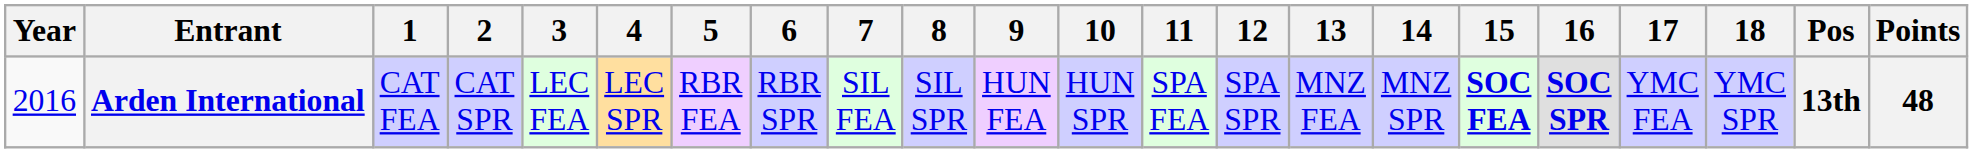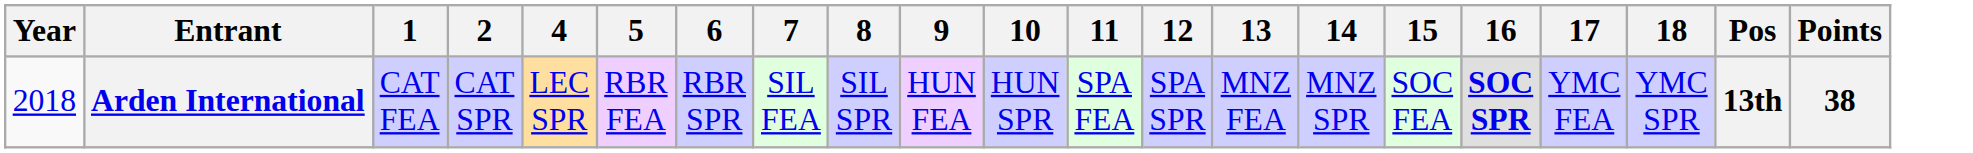 <table class="wikitable" style="text-align:center; font-size:85%">
 <tr>
 <th>Year</th>
 <th>Entrant</th>
 <th>1</th>
 <th>2</th>
-<th>3</th>
 <th>4</th>
 <th>5</th>
 <th>6</th>
 <th>7</th>
 <th>8</th>
 <th>9</th>
 <th>10</th>
 <th>11</th>
 <th>12</th>
 <th>13</th>
 <th>14</th>
 <th>15</th>
 <th>16</th>
 <th>17</th>
 <th>18</th>
 <th>Pos</th>
 <th>Points</th>
 </tr>
 <tr>
-<td><a href='#'>2016</a></td>
+<td><a href='#'>2018</a></td>
 <th nowrap><a href='#'>Arden International</a></th>
 <td style="background:#CFCFFF"><a href='#'>CAT<br>FEA</a><br></td>
 <td style="background:#CFCFFF"><a href='#'>CAT<br>SPR</a><br></td>
-<td style="background:#DFFFDF"><a href='#'>LEC<br>FEA</a><br></td>
 <td style="background:#FFDF9F"><a href='#'>LEC<br>SPR</a><br></td>
 <td style="background:#EFCFFF"><a href='#'>RBR<br>FEA</a><br></td>
 <td style="background:#CFCFFF"><a href='#'>RBR<br>SPR</a><br></td>
 <td style="background:#DFFFDF"><a href='#'>SIL<br>FEA</a><br></td>
 <td style="background:#CFCFFF"><a href='#'>SIL<br>SPR</a><br></td>
 <td style="background:#EFCFFF"><a href='#'>HUN<br>FEA</a><br></td>
 <td style="background:#CFCFFF"><a href='#'>HUN<br>SPR</a><br></td>
 <td style="background:#DFFFDF"><a href='#'>SPA<br>FEA</a><br></td>
 <td style="background:#CFCFFF"><a href='#'>SPA<br>SPR</a><br></td>
 <td style="background:#CFCFFF"><a href='#'>MNZ<br>FEA</a><br></td>
 <td style="background:#CFCFFF"><a href='#'>MNZ<br>SPR</a><br></td>
-<td style="background:#DFFFDF"><strong><a href='#'>SOC<br>FEA</a><br></strong></td>
+<td style="background:#DFFFDF"><a href='#'>SOC<br>FEA</a><br></td>
 <td style="background:#dfdfdf"><strong><a href='#'>SOC<br>SPR</a><br></strong></td>
 <td style="background:#CFCFFF"><a href='#'>YMC<br>FEA</a><br></td>
 <td style="background:#CFCFFF"><a href='#'>YMC<br>SPR</a><br></td>
 <th>13th</th>
-<th>48</th>
+<th>38</th>
 </tr>
 </table>
